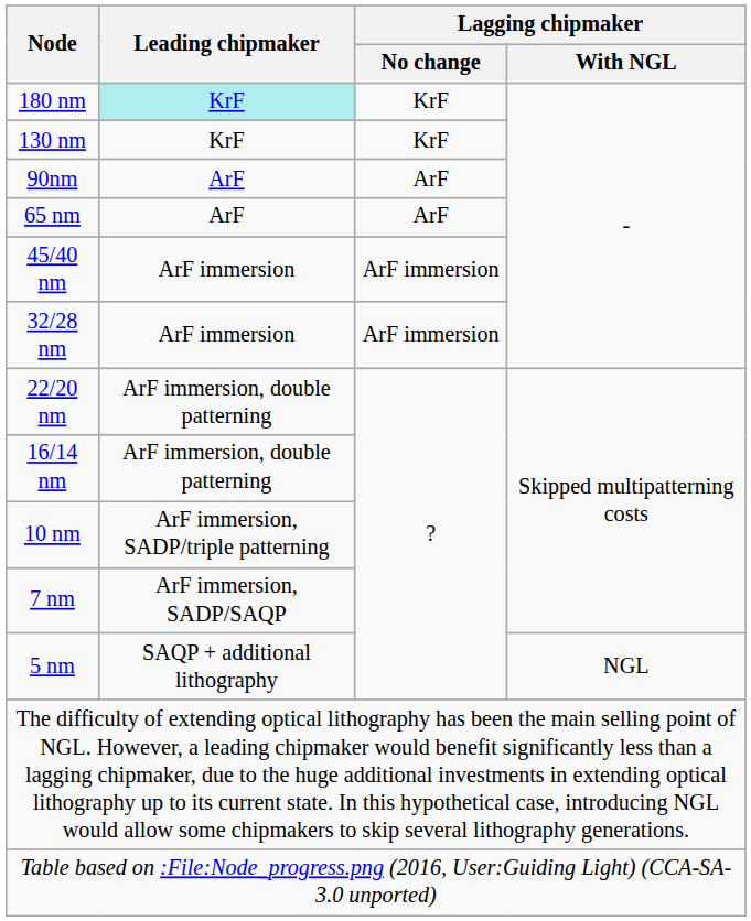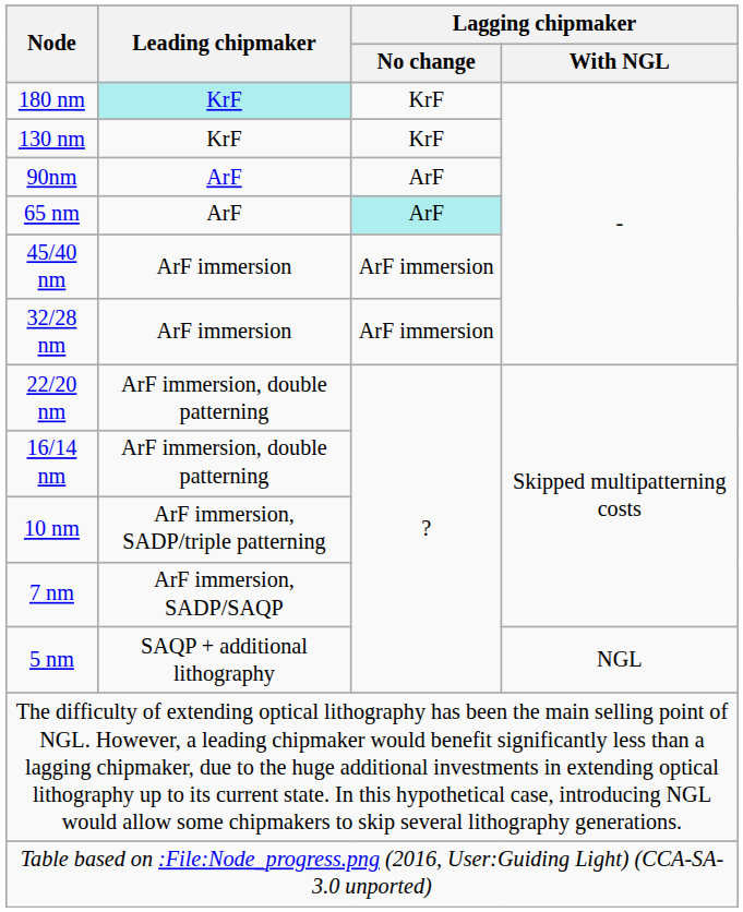 <table class="wikitable" style="text-align:center; font-size:75%; width:400px;" align=right>
 <tr>
 <th rowspan=2>Node</th>
 <th rowspan=2>Leading chipmaker</th>
 <th colspan=2>Lagging chipmaker</th>
 </tr>
 <tr>
 <th>No change</th>
 <th>With NGL</th>
 </tr>
 <tr>
 <td><a href='#'>180 nm</a></td>
 <td style="background: paleturquoise;"><a href='#'>KrF</a></td>
 <td>KrF</td>
 <td rowspan=6>-</td>
 </tr>
 <tr>
 <td><a href='#'>130 nm</a></td>
 <td>KrF</td>
 <td>KrF</td>
 </tr>
 <tr>
 <td><a href='#'>90nm</a></td>
 <td><a href='#'>ArF</a></td>
 <td>ArF</td>
 </tr>
 <tr>
 <td><a href='#'>65 nm</a></td>
 <td>ArF</td>
-<td>ArF</td>
+<td style="background: paleturquoise;">ArF</td>
 </tr>
 <tr>
 <td><a href='#'>45/40 nm</a></td>
 <td>ArF immersion</td>
 <td>ArF immersion</td>
 </tr>
 <tr>
 <td><a href='#'>32/28 nm</a></td>
 <td>ArF immersion</td>
 <td>ArF immersion</td>
 </tr>
 <tr>
 <td><a href='#'>22/20 nm</a></td>
 <td>ArF immersion, double patterning</td>
 <td rowspan=5>?</td>
 <td rowspan=4>Skipped multipatterning costs</td>
 </tr>
 <tr>
 <td><a href='#'>16/14 nm</a></td>
 <td>ArF immersion, double patterning</td>
 </tr>
 <tr>
 <td><a href='#'>10 nm</a></td>
 <td>ArF immersion, SADP/triple patterning</td>
 </tr>
 <tr>
 <td><a href='#'>7 nm</a></td>
 <td>ArF immersion, SADP/SAQP</td>
 </tr>
 <tr>
 <td><a href='#'>5 nm</a></td>
 <td>SAQP + additional lithography</td>
 <td>NGL</td>
 </tr>
 <tr>
 <td colspan=4>The difficulty of extending optical lithography has been the main selling point of NGL. However, a leading chipmaker would benefit significantly less than a lagging chipmaker, due to the huge additional investments in extending optical lithography up to its current state. In this hypothetical case, introducing NGL would allow some chipmakers to skip several lithography generations.</td>
 </tr>
 <tr>
 <td colspan=4><em>Table based on <a href='#'>:File:Node_progress.png</a> (2016, User:Guiding Light) (CCA-SA-3.0 unported)</em></td>
 </tr>
 </table>
